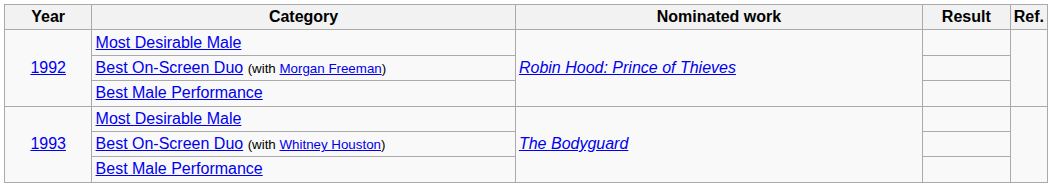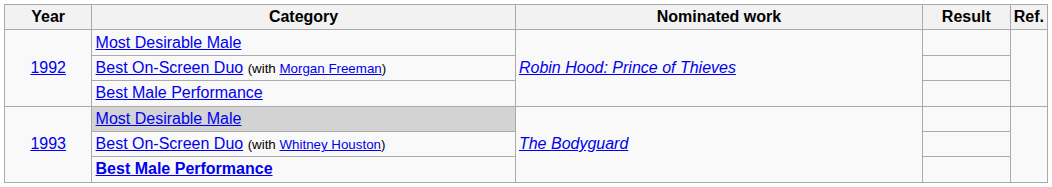 <table class=wikitable>
 <tr>
 <th scope="col" style="width:5em;">Year</th>
 <th scope="col" style="width:26em;">Category</th>
 <th scope="col" style="width:25em;">Nominated work</th>
 <th scope="col" style="width:5em;">Result</th>
 <th>Ref.</th>
 </tr>
 <tr>
 <td style="text-align:center;", rowspan="3"><a href='#'>1992</a></td>
 <td><a href='#'>Most Desirable Male</a></td>
 <td rowspan="3"><em><a href='#'>Robin Hood: Prince of Thieves</a></em></td>
 <td></td>
 <td rowspan="3"></td>
 </tr>
 <tr>
 <td><a href='#'>Best On-Screen Duo</a> <small>(with <a href='#'>Morgan Freeman</a>)</small></td>
 <td></td>
 </tr>
 <tr>
 <td><a href='#'>Best Male Performance</a></td>
 <td></td>
 </tr>
 <tr>
 <td style="text-align:center;", rowspan="3"><a href='#'>1993</a></td>
-<td><a href='#'>Most Desirable Male</a></td>
+<td style="background: lightgrey;"><a href='#'>Most Desirable Male</a></td>
 <td rowspan="3"><em><a href='#'>The Bodyguard</a></em></td>
 <td></td>
 <td rowspan="3"></td>
 </tr>
 <tr>
 <td><a href='#'>Best On-Screen Duo</a> <small>(with <a href='#'>Whitney Houston</a>)</small></td>
 <td></td>
 </tr>
 <tr>
-<td><a href='#'>Best Male Performance</a></td>
+<td><strong><a href='#'>Best Male Performance</a></strong></td>
 <td></td>
 </tr>
 </table>
